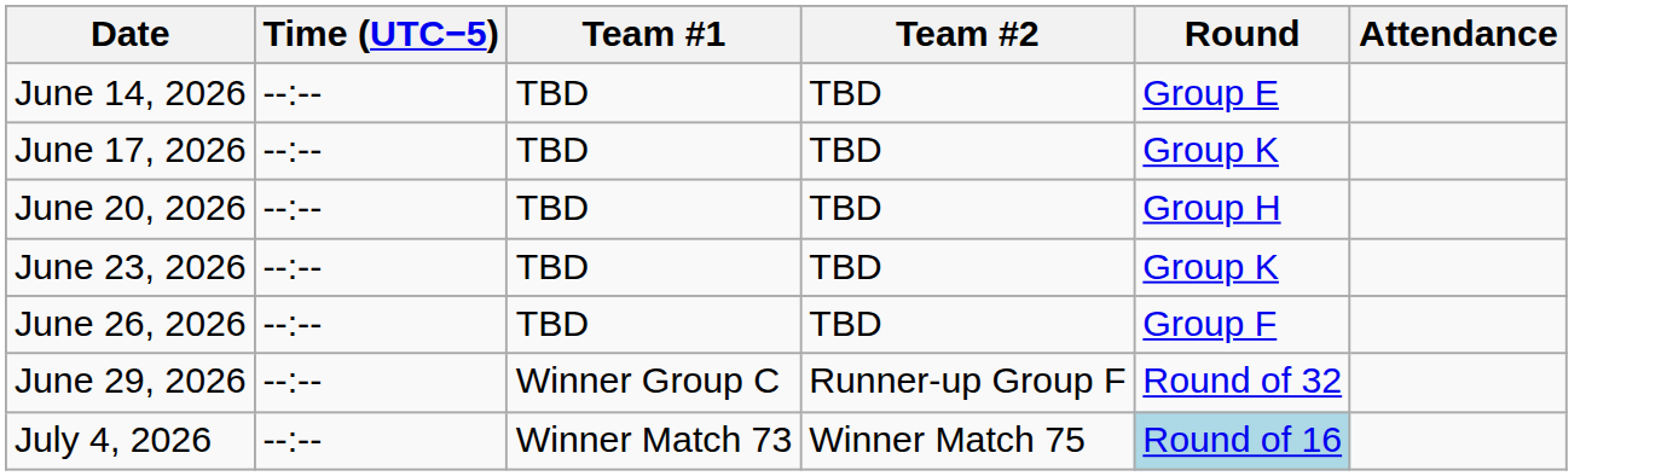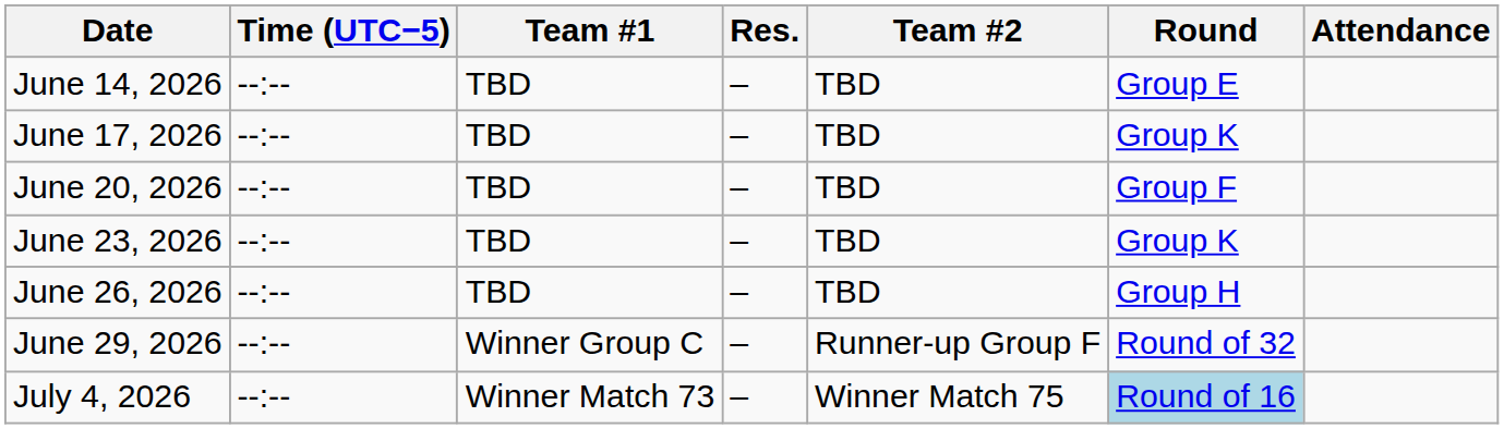 <table class="wikitable sortable">
 <tr>
 <th style="text-align:center; ">Date</th>
 <th style="text-align:center; ">Time (<a href='#'>UTC−5</a>)</th>
 <th style="text-align:center; ">Team #1</th>
+<th style="text-align:center; ">Res.</th>
 <th style="text-align:center; ">Team #2</th>
 <th style="text-align:center; ">Round</th>
 <th>Attendance</th>
 </tr>
 <tr>
 <td>June 14, 2026</td>
 <td>--:--</td>
 <td>TBD</td>
+<td>–</td>
 <td>TBD</td>
 <td><a href='#'>Group E</a></td>
 <td></td>
 </tr>
 <tr>
 <td>June 17, 2026</td>
 <td>--:--</td>
 <td>TBD</td>
+<td>–</td>
 <td>TBD</td>
 <td><a href='#'>Group K</a></td>
 <td></td>
 </tr>
 <tr>
 <td>June 20, 2026</td>
 <td>--:--</td>
 <td>TBD</td>
+<td>–</td>
 <td>TBD</td>
-<td><a href='#'>Group H</a></td>
+<td><a href='#'>Group F</a></td>
 <td></td>
 </tr>
 <tr>
 <td>June 23, 2026</td>
 <td>--:--</td>
 <td>TBD</td>
+<td>–</td>
 <td>TBD</td>
 <td><a href='#'>Group K</a></td>
 <td></td>
 </tr>
 <tr>
 <td>June 26, 2026</td>
 <td>--:--</td>
 <td>TBD</td>
+<td>–</td>
 <td>TBD</td>
-<td><a href='#'>Group F</a></td>
+<td><a href='#'>Group H</a></td>
 <td></td>
 </tr>
 <tr>
 <td>June 29, 2026</td>
 <td>--:--</td>
 <td>Winner Group C</td>
+<td>–</td>
 <td>Runner-up Group F</td>
 <td><a href='#'>Round of 32</a></td>
 <td></td>
 </tr>
 <tr>
 <td>July 4, 2026</td>
 <td>--:--</td>
 <td>Winner Match 73</td>
+<td>–</td>
 <td>Winner Match 75</td>
 <td style="background: lightblue;"><a href='#'>Round of 16</a></td>
 <td></td>
 </tr>
 </table>
